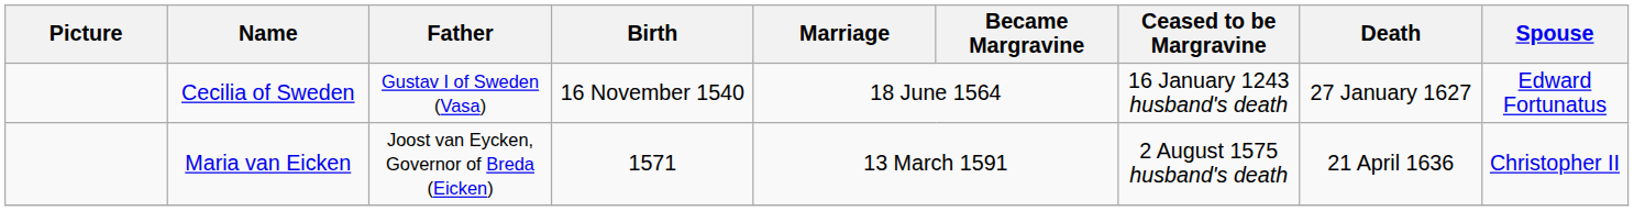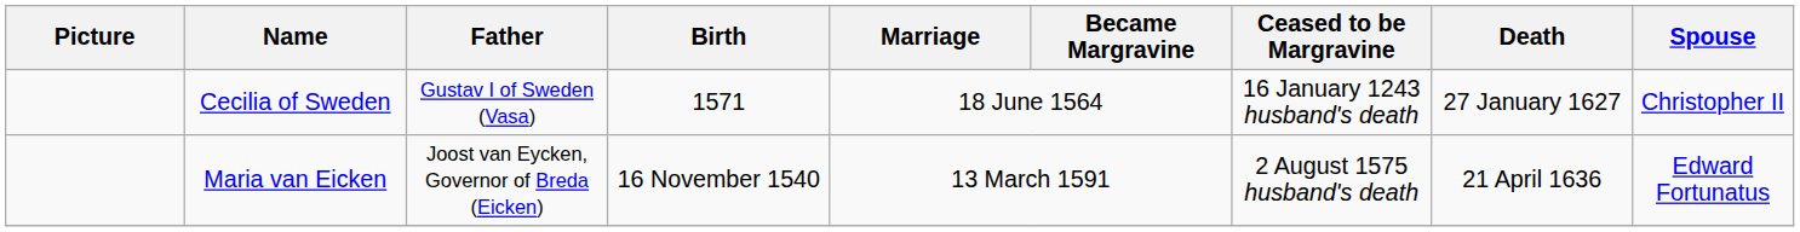 <table width=95% class="wikitable">
 <tr>
 <th width = "8%">Picture</th>
 <th width = "10%">Name</th>
 <th width = "9%">Father</th>
 <th width = "10%">Birth</th>
 <th width = "9%">Marriage</th>
 <th width = "9%">Became Margravine</th>
 <th width = "9%">Ceased to be Margravine</th>
 <th width = "9%">Death</th>
 <th width = "6%"><a href='#'>Spouse</a></th>
 </tr>
 <tr>
 <td align="center"></td>
 <td align="center"><a href='#'>Cecilia of Sweden</a></td>
 <td align="center"><small><a href='#'>Gustav I of Sweden</a><br>(<a href='#'>Vasa</a>)</small></td>
-<td align="center">16 November 1540</td>
+<td align="center">1571</td>
 <td align="center" colspan="2">18 June 1564</td>
 <td align="center">16 January 1243<br><em>husband's death</em></td>
 <td align="center">27 January 1627</td>
-<td align="center"><a href='#'>Edward Fortunatus</a></td>
+<td align="center"><a href='#'>Christopher II</a></td>
 </tr>
 <tr>
 <td align="center"></td>
 <td align="center"><a href='#'>Maria van Eicken</a></td>
 <td align="center"><small>Joost van Eycken, Governor of <a href='#'>Breda</a><br>(<a href='#'>Eicken</a>)</small></td>
-<td align="center">1571</td>
+<td align="center">16 November 1540</td>
 <td align="center" colspan="2">13 March 1591</td>
 <td align="center">2 August 1575<br><em>husband's death</em></td>
 <td align="center">21 April 1636</td>
-<td align="center"><a href='#'>Christopher II</a></td>
+<td align="center"><a href='#'>Edward Fortunatus</a></td>
 </tr>
 <tr>
 </tr>
 </table>
